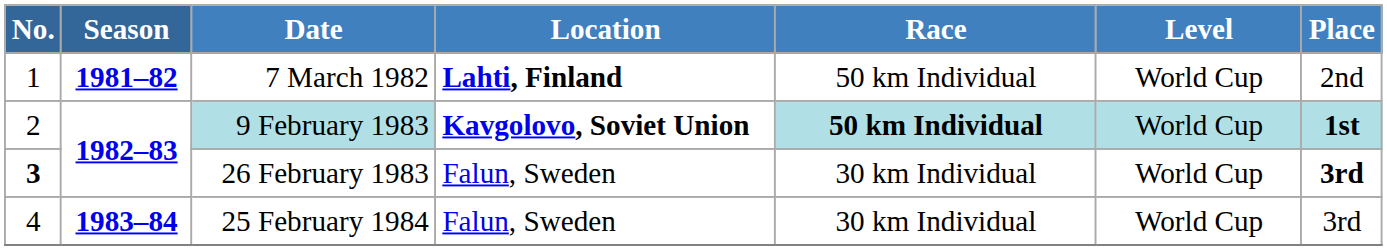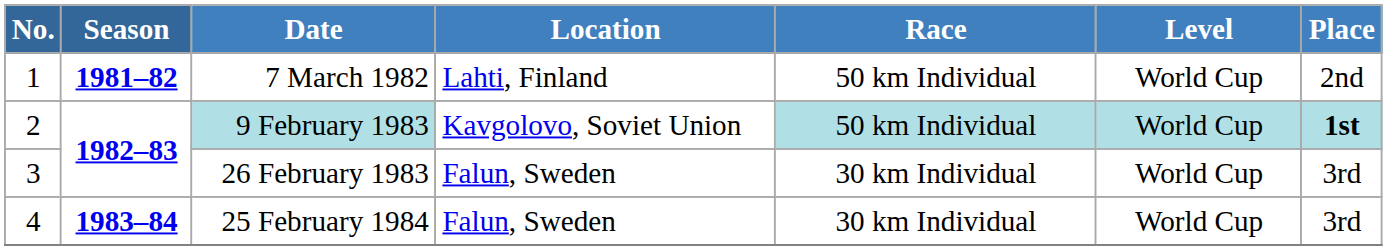 <table class="wikitable sortable" style="font-size:95%; text-align:center; border:grey solid 1px; border-collapse:collapse; background:#ffffff;">
 <tr style="background:#efefef;">
 <th style="background-color:#369; color:white;">No.</th>
 <th style="background-color:#369; color:white;">Season</th>
 <th style="background-color:#4180be; color:white; width:120px;">Date</th>
 <th style="background-color:#4180be; color:white; width:170px;">Location</th>
 <th style="background-color:#4180be; color:white; width:160px;">Race</th>
 <th style="background-color:#4180be; color:white; width:100px;">Level</th>
 <th style="background-color:#4180be; color:white;">Place</th>
 </tr>
 <tr>
 <td align=center>1</td>
 <td rowspan=1 align=center><strong> <a href='#'>1981–82</a> </strong></td>
 <td align=right>7 March 1982</td>
-<td align=left><strong> <a href='#'>Lahti</a>, Finland</strong></td>
+<td align=left> <a href='#'>Lahti</a>, Finland</td>
 <td>50 km Individual</td>
 <td>World Cup</td>
 <td>2nd</td>
 </tr>
 <tr>
 <td align=center>2</td>
 <td rowspan=2 align=center><strong><a href='#'>1982–83</a></strong></td>
 <td bgcolor="#BOEOE6" align=right>9 February 1983</td>
-<td align=left><strong> <a href='#'>Kavgolovo</a>, Soviet Union</strong></td>
-<td bgcolor="#BOEOE6"><strong>50 km Individual</strong></td>
+<td align=left> <a href='#'>Kavgolovo</a>, Soviet Union</td>
+<td bgcolor="#BOEOE6">50 km Individual</td>
 <td bgcolor="#BOEOE6">World Cup</td>
 <td bgcolor="#BOEOE6"><strong>1st</strong></td>
 </tr>
 <tr>
-<td align=center><strong>3</strong></td>
+<td align=center>3</td>
 <td align=right>26 February 1983</td>
 <td align=left> <a href='#'>Falun</a>, Sweden</td>
 <td>30 km Individual</td>
 <td>World Cup</td>
-<td><strong>3rd</strong></td>
+<td>3rd</td>
 </tr>
 <tr>
 <td align=center>4</td>
 <td rowspan=1 align=center><strong> <a href='#'>1983–84</a> </strong></td>
 <td align=right>25 February 1984</td>
 <td align=left> <a href='#'>Falun</a>, Sweden</td>
 <td>30 km Individual</td>
 <td>World Cup</td>
 <td>3rd</td>
 </tr>
 <tr>
 </tr>
 </table>
